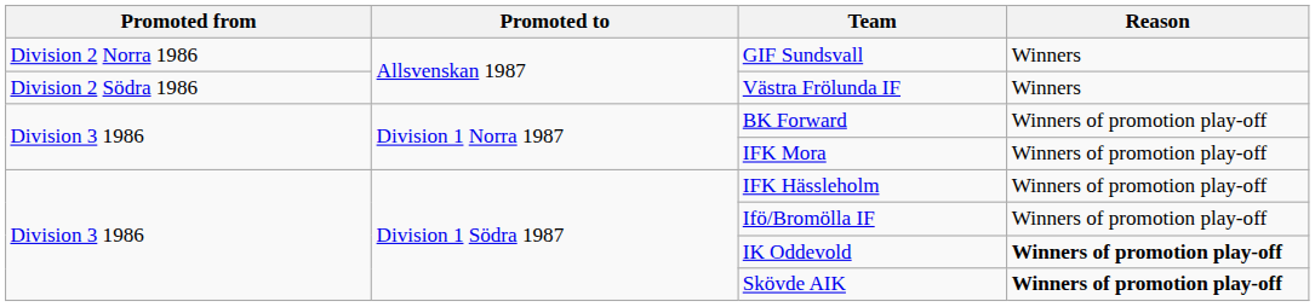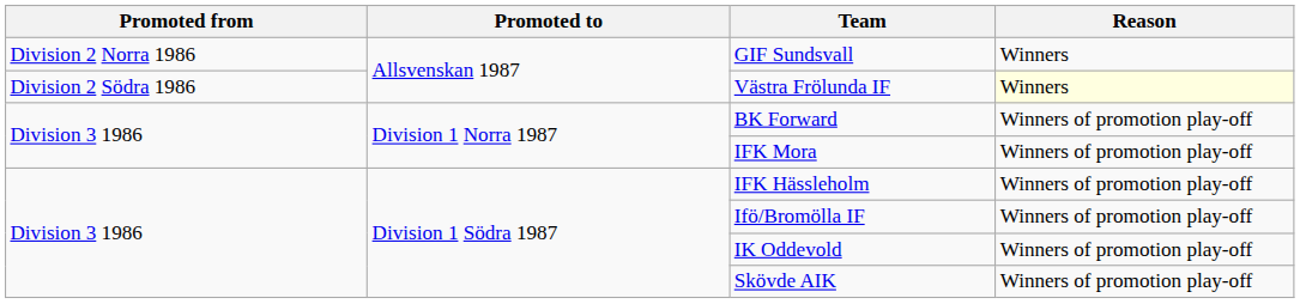 <table class="wikitable" style="text-align: left">
 <tr>
 <th style="width: 275px;">Promoted from</th>
 <th style="width: 275px;">Promoted to</th>
 <th style="width: 200px;">Team</th>
 <th style="width: 225px;">Reason</th>
 </tr>
 <tr>
 <td><a href='#'>Division 2</a> <a href='#'>Norra</a> 1986</td>
 <td rowspan=2><a href='#'>Allsvenskan</a> 1987</td>
 <td><a href='#'>GIF Sundsvall</a></td>
 <td>Winners</td>
 </tr>
 <tr>
 <td><a href='#'>Division 2</a> <a href='#'>Södra</a> 1986</td>
 <td><a href='#'>Västra Frölunda IF</a></td>
-<td>Winners</td>
+<td style="background: lightyellow;">Winners</td>
 </tr>
 <tr>
 <td rowspan=2><a href='#'>Division 3</a> 1986</td>
 <td rowspan=2><a href='#'>Division 1</a> <a href='#'>Norra</a> 1987</td>
 <td><a href='#'>BK Forward</a></td>
 <td>Winners of promotion play-off</td>
 </tr>
 <tr>
 <td><a href='#'>IFK Mora</a></td>
 <td>Winners of promotion play-off</td>
 </tr>
 <tr>
 <td rowspan=4><a href='#'>Division 3</a> 1986</td>
 <td rowspan=4><a href='#'>Division 1</a> <a href='#'>Södra</a> 1987</td>
 <td><a href='#'>IFK Hässleholm</a></td>
 <td>Winners of promotion play-off</td>
 </tr>
 <tr>
 <td><a href='#'>Ifö/Bromölla IF</a></td>
 <td>Winners of promotion play-off</td>
 </tr>
 <tr>
 <td><a href='#'>IK Oddevold</a></td>
-<td><strong>Winners of promotion play-off</strong></td>
+<td>Winners of promotion play-off</td>
 </tr>
 <tr>
 <td><a href='#'>Skövde AIK</a></td>
-<td><strong>Winners of promotion play-off</strong></td>
+<td>Winners of promotion play-off</td>
 </tr>
 </table>
